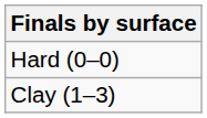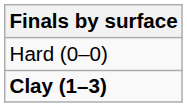 <table class=wikitable style=font-size:90%>
 <tr>
 <th>Finals by surface</th>
 </tr>
 <tr>
 <td>Hard (0–0)</td>
 </tr>
 <tr>
-<td>Clay (1–3)</td>
+<td><strong>Clay (1–3)</strong></td>
 </tr>
 </table>
